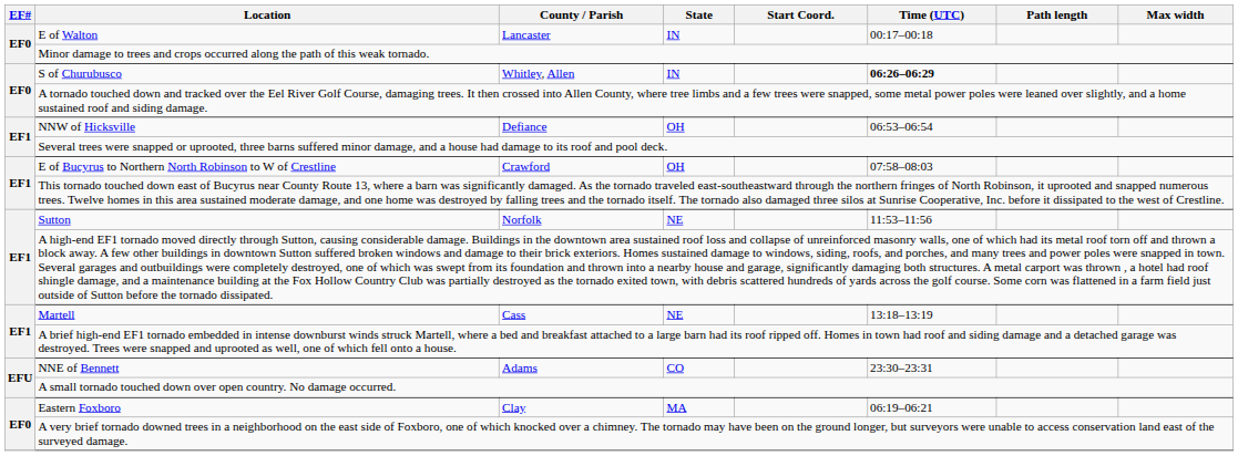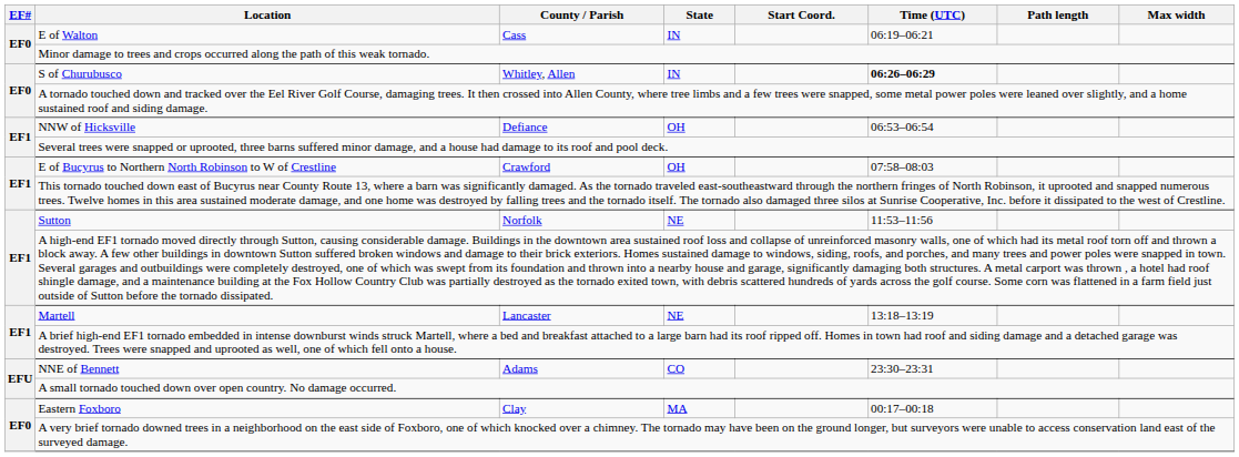 <table class="wikitable sortable" style="width:100%;">
 <tr>
 <th scope="col" width="2%" align="center"><a href='#'>EF#</a></th>
 <th scope="col" align="center" class="unsortable">Location</th>
 <th scope="col" align="center" class="unsortable">County / Parish</th>
 <th scope="col" align="center">State</th>
 <th scope="col" align="center">Start Coord.</th>
 <th scope="col" align="center">Time (<a href='#'>UTC</a>)</th>
 <th scope="col" align="center">Path length</th>
 <th scope="col" align="center">Max width</th>
 </tr>
 <tr>
 <th scope="row" rowspan="2" style="background-color:#">EF0</th>
 <td>E of <a href='#'>Walton</a></td>
-<td><a href='#'>Lancaster</a></td>
+<td><a href='#'>Cass</a></td>
 <td><a href='#'>IN</a></td>
 <td></td>
-<td>00:17–00:18</td>
+<td>06:19–06:21</td>
 <td></td>
 <td></td>
 </tr>
 <tr class="expand-child">
 <td colspan="8" style=" border-bottom: 1px solid black;">Minor damage to trees and crops occurred along the path of this weak tornado.</td>
 </tr>
 <tr>
 <th scope="row" rowspan="2" style="background-color:#">EF0</th>
 <td>S of <a href='#'>Churubusco</a></td>
 <td><a href='#'>Whitley</a>, <a href='#'>Allen</a></td>
 <td><a href='#'>IN</a></td>
 <td></td>
 <td><strong>06:26–06:29</strong></td>
 <td></td>
 <td></td>
 </tr>
 <tr class="expand-child">
 <td colspan="8" style=" border-bottom: 1px solid black;">A tornado touched down and tracked over the Eel River Golf Course, damaging trees. It then crossed into Allen County, where tree limbs and a few trees were snapped, some metal power poles were leaned over slightly, and a home sustained roof and siding damage.</td>
 </tr>
 <tr>
 <th scope="row" rowspan="2" style="background-color:#">EF1</th>
 <td>NNW of <a href='#'>Hicksville</a></td>
 <td><a href='#'>Defiance</a></td>
 <td><a href='#'>OH</a></td>
 <td></td>
 <td>06:53–06:54</td>
 <td></td>
 <td></td>
 </tr>
 <tr class="expand-child">
 <td colspan="8" style=" border-bottom: 1px solid black;">Several trees were snapped or uprooted, three barns suffered minor damage, and a house had damage to its roof and pool deck.</td>
 </tr>
 <tr>
 <th scope="row" rowspan="2" style="background-color:#">EF1</th>
 <td>E of <a href='#'>Bucyrus</a> to Northern <a href='#'>North Robinson</a> to W of <a href='#'>Crestline</a></td>
 <td><a href='#'>Crawford</a></td>
 <td><a href='#'>OH</a></td>
 <td></td>
 <td>07:58–08:03</td>
 <td></td>
 <td></td>
 </tr>
 <tr class="expand-child">
 <td colspan="8" style=" border-bottom: 1px solid black;">This tornado touched down east of Bucyrus near County Route 13, where a barn was significantly damaged. As the tornado traveled east-southeastward through the northern fringes of North Robinson, it uprooted and snapped numerous trees. Twelve homes in this area sustained moderate damage, and one home was destroyed by falling trees and the tornado itself. The tornado also damaged three silos at Sunrise Cooperative, Inc. before it dissipated to the west of Crestline.</td>
 </tr>
 <tr>
 <th scope="row" rowspan="2" style="background-color:#">EF1</th>
 <td><a href='#'>Sutton</a></td>
 <td><a href='#'>Norfolk</a></td>
 <td><a href='#'>NE</a></td>
 <td></td>
 <td>11:53–11:56</td>
 <td></td>
 <td></td>
 </tr>
 <tr class="expand-child">
 <td colspan="8" style=" border-bottom: 1px solid black;">A high-end EF1 tornado moved directly through Sutton, causing considerable damage. Buildings in the downtown area sustained roof loss and collapse of unreinforced masonry walls, one of which had its metal roof torn off and thrown a block away. A few other buildings in downtown Sutton suffered broken windows and damage to their brick exteriors. Homes sustained damage to windows, siding, roofs, and porches, and many trees and power poles were snapped in town. Several garages and outbuildings were completely destroyed, one of which was swept from its foundation and thrown into a nearby house and garage, significantly damaging both structures. A metal carport was thrown , a hotel had roof shingle damage, and a maintenance building at the Fox Hollow Country Club was partially destroyed as the tornado exited town, with debris scattered hundreds of yards across the golf course. Some corn was flattened in a farm field just outside of Sutton before the tornado dissipated.</td>
 </tr>
 <tr>
 <th scope="row" rowspan="2" style="background-color:#">EF1</th>
 <td><a href='#'>Martell</a></td>
-<td><a href='#'>Cass</a></td>
+<td><a href='#'>Lancaster</a></td>
 <td><a href='#'>NE</a></td>
 <td></td>
 <td>13:18–13:19</td>
 <td></td>
 <td></td>
 </tr>
 <tr class="expand-child">
 <td colspan="8" style=" border-bottom: 1px solid black;">A brief high-end EF1 tornado embedded in intense downburst winds struck Martell, where a bed and breakfast attached to a large barn had its roof ripped off. Homes in town had roof and siding damage and a detached garage was destroyed. Trees were snapped and uprooted as well, one of which fell onto a house.</td>
 </tr>
 <tr>
 <th scope="row" rowspan="2" style="background-color:#">EFU</th>
 <td>NNE of <a href='#'>Bennett</a></td>
 <td><a href='#'>Adams</a></td>
 <td><a href='#'>CO</a></td>
 <td></td>
 <td>23:30–23:31</td>
 <td></td>
 <td></td>
 </tr>
 <tr class="expand-child">
 <td colspan="8" style=" border-bottom: 1px solid black;">A small tornado touched down over open country. No damage occurred.</td>
 </tr>
 <tr>
 <th scope="row" rowspan="2" style="background-color:#">EF0</th>
 <td>Eastern <a href='#'>Foxboro</a></td>
 <td><a href='#'>Clay</a></td>
 <td><a href='#'>MA</a></td>
 <td></td>
-<td>06:19–06:21</td>
+<td>00:17–00:18</td>
 <td></td>
 <td></td>
 </tr>
 <tr class="expand-child">
 <td colspan="8" style=" border-bottom: 1px solid black;">A very brief tornado downed trees in a neighborhood on the east side of Foxboro, one of which knocked over a chimney. The tornado may have been on the ground longer, but surveyors were unable to access conservation land east of the surveyed damage.</td>
 </tr>
 <tr>
 </tr>
 </table>
